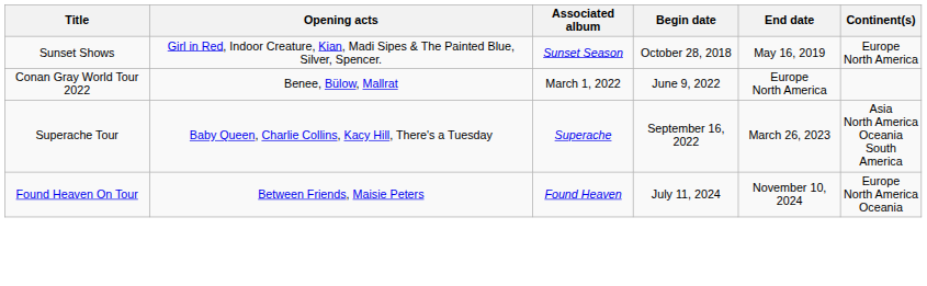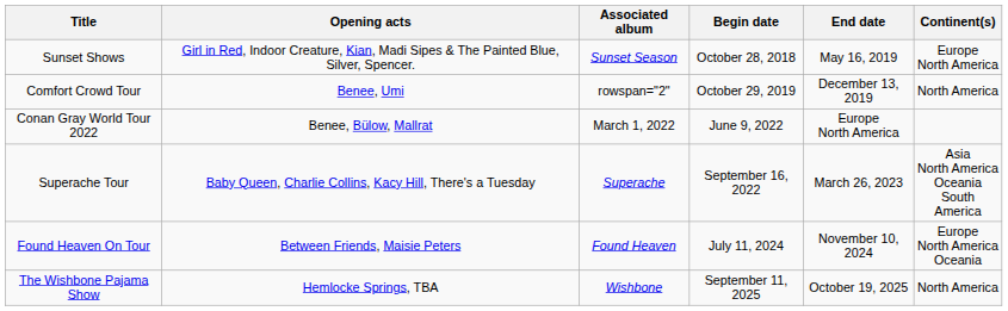 <table class="wikitable sortable" style="text-align:center;">
 <tr>
 <th>Title</th>
 <th>Opening acts</th>
 <th>Associated album</th>
 <th>Begin date</th>
 <th>End date</th>
 <th>Continent(s)</th>
 </tr>
 <tr>
 <td>Sunset Shows</td>
 <td><a href='#'>Girl in Red</a>, Indoor Creature, <a href='#'>Kian</a>, Madi Sipes & The Painted Blue, Silver, Spencer.</td>
 <td><em><a href='#'>Sunset Season</a></em></td>
 <td>October 28, 2018</td>
 <td>May 16, 2019</td>
 <td>Europe<br>North America</td>
+</tr>
+<tr>
+<td>Comfort Crowd Tour</td>
+<td><a href='#'>Benee</a>, <a href='#'>Umi</a></td>
+<td>rowspan="2" </td>
+<td>October 29, 2019</td>
+<td>December 13, 2019</td>
+<td>North America</td>
 </tr>
 <tr>
 <td>Conan Gray World Tour 2022</td>
 <td>Benee, <a href='#'>Bülow</a>, <a href='#'>Mallrat</a></td>
 <td>March 1, 2022</td>
 <td>June 9, 2022</td>
 <td>Europe<br>North America</td>
 </tr>
 <tr>
 <td>Superache Tour</td>
 <td><a href='#'>Baby Queen</a>, <a href='#'>Charlie Collins</a>, <a href='#'>Kacy Hill</a>, There's a Tuesday</td>
 <td><em><a href='#'>Superache</a></em></td>
 <td>September 16, 2022</td>
 <td>March 26, 2023</td>
 <td>Asia<br>North America<br>Oceania<br>South America</td>
 </tr>
 <tr>
 <td><a href='#'>Found Heaven On Tour</a></td>
 <td><a href='#'>Between Friends</a>, <a href='#'>Maisie Peters</a></td>
 <td><em><a href='#'>Found Heaven</a></em></td>
 <td>July 11, 2024</td>
 <td>November 10, 2024</td>
 <td>Europe<br>North America<br>Oceania</td>
 </tr>
+<tr>
+<td><a href='#'>The Wishbone Pajama Show</a></td>
+<td><a href='#'>Hemlocke Springs</a>, TBA</td>
+<td><em><a href='#'>Wishbone</a></em></td>
+<td>September 11, 2025</td>
+<td>October 19, 2025</td>
+<td>North America</td>
+</tr>
 </table>
